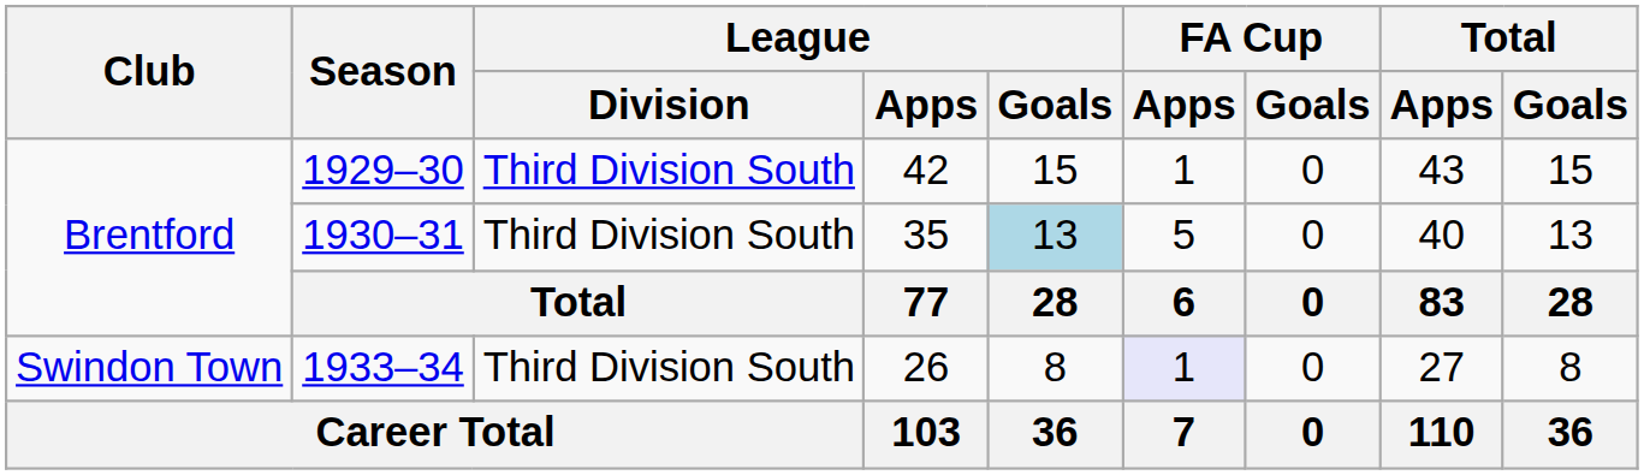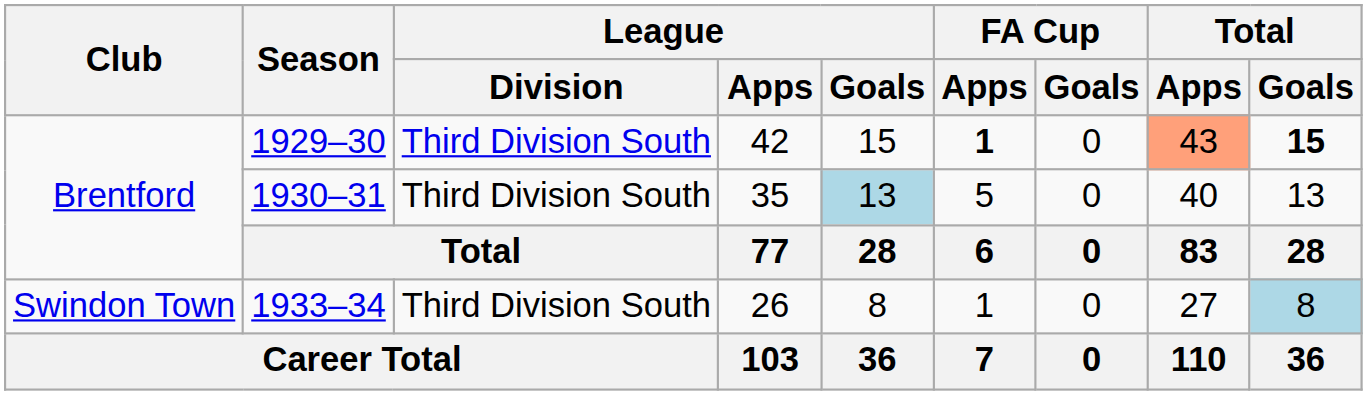 <table class="wikitable" style="text-align: center;">
 <tr>
 <th rowspan="2">Club</th>
 <th rowspan="2">Season</th>
 <th colspan="3">League</th>
 <th colspan="2">FA Cup</th>
 <th colspan="2">Total</th>
 </tr>
 <tr>
 <th>Division</th>
 <th>Apps</th>
 <th>Goals</th>
 <th>Apps</th>
 <th>Goals</th>
 <th>Apps</th>
 <th>Goals</th>
 </tr>
 <tr>
 <td rowspan="3"><a href='#'>Brentford</a></td>
 <td><a href='#'>1929–30</a></td>
 <td><a href='#'>Third Division South</a></td>
 <td>42</td>
 <td>15</td>
-<td>1</td>
+<td><strong>1</strong></td>
 <td>0</td>
-<td>43</td>
-<td>15</td>
+<td style="background: lightsalmon;">43</td>
+<td><strong>15</strong></td>
 </tr>
 <tr>
 <td><a href='#'>1930–31</a></td>
 <td>Third Division South</td>
 <td>35</td>
 <td style="background: lightblue;">13</td>
 <td>5</td>
 <td>0</td>
 <td>40</td>
 <td>13</td>
 </tr>
 <tr>
 <th colspan="2">Total</th>
 <th>77</th>
 <th>28</th>
 <th>6</th>
 <th>0</th>
 <th>83</th>
 <th>28</th>
 </tr>
 <tr>
 <td><a href='#'>Swindon Town</a></td>
 <td><a href='#'>1933–34</a></td>
 <td>Third Division South</td>
 <td>26</td>
 <td>8</td>
-<td style="background: lavender;">1</td>
+<td>1</td>
 <td>0</td>
 <td>27</td>
-<td>8</td>
+<td style="background: lightblue;">8</td>
 </tr>
 <tr>
 <th colspan="3">Career Total</th>
 <th>103</th>
 <th>36</th>
 <th>7</th>
 <th>0</th>
 <th>110</th>
 <th>36</th>
 </tr>
 </table>
